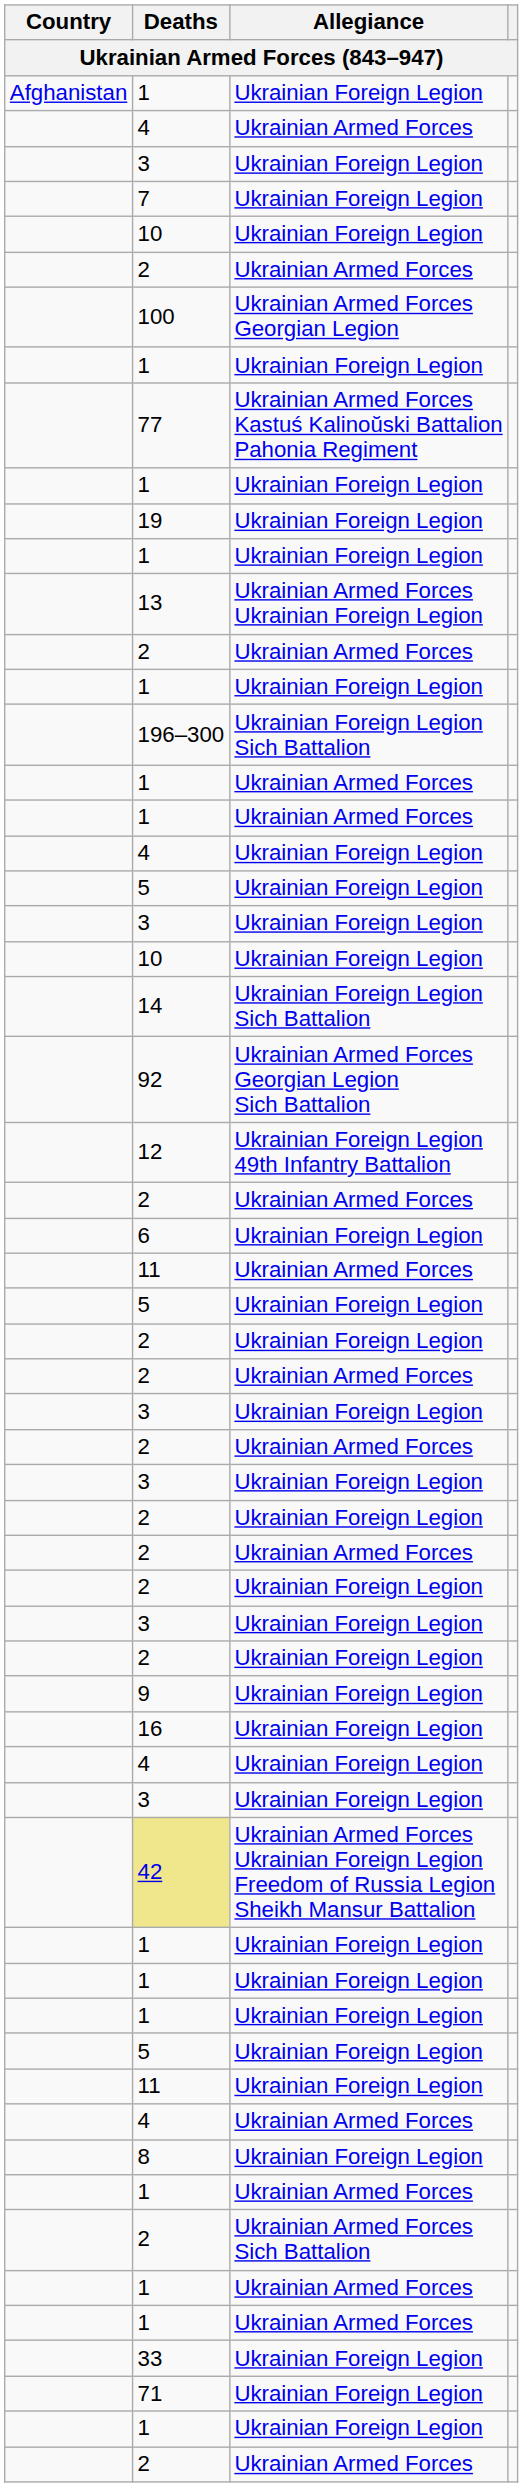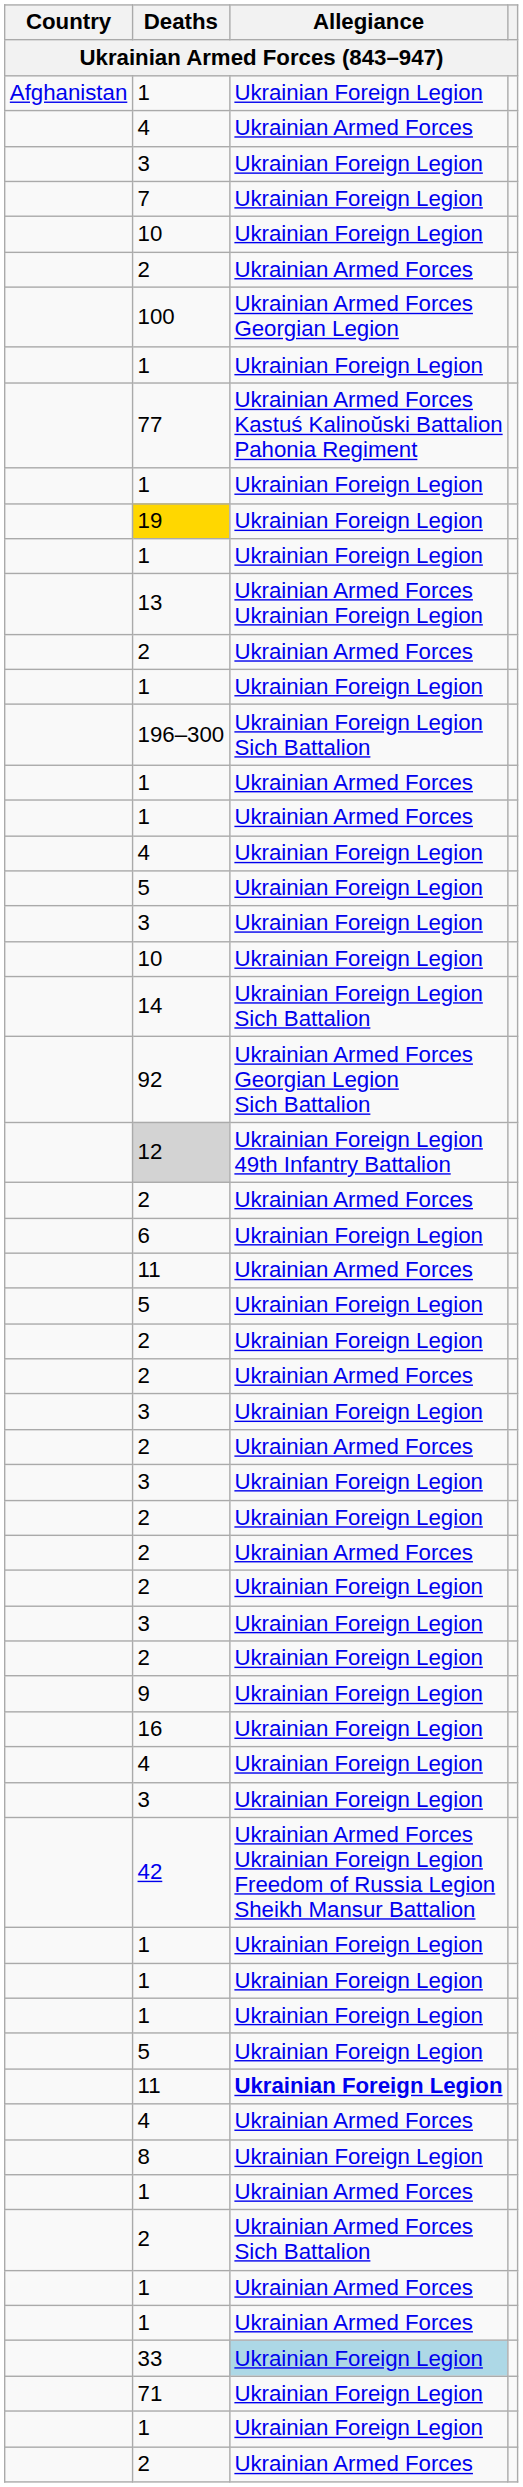 <table class="wikitable sortable" style="display:inline-table;">
 <tr>
 <th>Country</th>
 <th>Deaths</th>
 <th>Allegiance</th>
 <th class="unsortable"></th>
 </tr>
 <tr>
 <th colspan="5">Ukrainian Armed Forces (843–947)</th>
 </tr>
 <tr>
 <td> <a href='#'>Afghanistan</a></td>
 <td>1</td>
 <td><a href='#'>Ukrainian Foreign Legion</a></td>
 <td></td>
 </tr>
 <tr>
 <td></td>
 <td>4</td>
 <td><a href='#'>Ukrainian Armed Forces</a></td>
 <td></td>
 </tr>
 <tr>
 <td></td>
 <td>3</td>
 <td><a href='#'>Ukrainian Foreign Legion</a></td>
 <td></td>
 </tr>
 <tr>
 <td></td>
 <td>7</td>
 <td><a href='#'>Ukrainian Foreign Legion</a></td>
 <td></td>
 </tr>
 <tr>
 <td></td>
 <td>10</td>
 <td><a href='#'>Ukrainian Foreign Legion</a></td>
 <td></td>
 </tr>
 <tr>
 <td></td>
 <td>2</td>
 <td><a href='#'>Ukrainian Armed Forces</a></td>
 <td></td>
 </tr>
 <tr>
 <td></td>
 <td>100</td>
 <td><a href='#'>Ukrainian Armed Forces</a><br><a href='#'>Georgian Legion</a></td>
 <td></td>
 </tr>
 <tr>
 <td></td>
 <td>1</td>
 <td><a href='#'>Ukrainian Foreign Legion</a></td>
 <td></td>
 </tr>
 <tr>
 <td></td>
 <td>77</td>
 <td><a href='#'>Ukrainian Armed Forces</a><br><a href='#'>Kastuś Kalinoŭski Battalion</a><br><a href='#'>Pahonia Regiment</a></td>
 <td><br><br></td>
 </tr>
 <tr>
 <td></td>
 <td>1</td>
 <td><a href='#'>Ukrainian Foreign Legion</a></td>
 <td></td>
 </tr>
 <tr>
 <td></td>
-<td>19</td>
+<td style="background: gold;">19</td>
 <td><a href='#'>Ukrainian Foreign Legion</a></td>
 <td></td>
 </tr>
 <tr>
 <td></td>
 <td>1</td>
 <td><a href='#'>Ukrainian Foreign Legion</a></td>
 <td></td>
 </tr>
 <tr>
 <td></td>
 <td>13</td>
 <td><a href='#'>Ukrainian Armed Forces</a><br><a href='#'>Ukrainian Foreign Legion</a></td>
 <td></td>
 </tr>
 <tr>
 <td></td>
 <td>2</td>
 <td><a href='#'>Ukrainian Armed Forces</a></td>
 <td></td>
 </tr>
 <tr>
 <td></td>
 <td>1</td>
 <td><a href='#'>Ukrainian Foreign Legion</a></td>
 <td></td>
 </tr>
 <tr>
 <td></td>
 <td>196–300</td>
 <td><a href='#'>Ukrainian Foreign Legion</a><br><a href='#'>Sich Battalion</a></td>
 <td></td>
 </tr>
 <tr>
 <td></td>
 <td>1</td>
 <td><a href='#'>Ukrainian Armed Forces</a></td>
 <td></td>
 </tr>
 <tr>
 <td></td>
 <td>1</td>
 <td><a href='#'>Ukrainian Armed Forces</a></td>
 <td></td>
 </tr>
 <tr>
 <td></td>
 <td>4</td>
 <td><a href='#'>Ukrainian Foreign Legion</a></td>
 <td></td>
 </tr>
 <tr>
 <td></td>
 <td>5</td>
 <td><a href='#'>Ukrainian Foreign Legion</a></td>
 <td></td>
 </tr>
 <tr>
 <td></td>
 <td>3</td>
 <td><a href='#'>Ukrainian Foreign Legion</a></td>
 <td></td>
 </tr>
 <tr>
 <td></td>
 <td>10</td>
 <td><a href='#'>Ukrainian Foreign Legion</a></td>
 <td><br></td>
 </tr>
 <tr>
 <td></td>
 <td>14</td>
 <td><a href='#'>Ukrainian Foreign Legion</a><br><a href='#'>Sich Battalion</a></td>
 <td></td>
 </tr>
 <tr>
 <td></td>
 <td>92</td>
 <td><a href='#'>Ukrainian Armed Forces</a><br><a href='#'>Georgian Legion</a><br><a href='#'>Sich Battalion</a></td>
 <td></td>
 </tr>
 <tr>
 <td></td>
-<td>12</td>
+<td style="background: lightgrey;">12</td>
 <td><a href='#'>Ukrainian Foreign Legion</a><br><a href='#'>49th Infantry Battalion</a></td>
 <td></td>
 </tr>
 <tr>
 <td></td>
 <td>2</td>
 <td><a href='#'>Ukrainian Armed Forces</a></td>
 <td></td>
 </tr>
 <tr>
 <td></td>
 <td>6</td>
 <td><a href='#'>Ukrainian Foreign Legion</a></td>
 <td></td>
 </tr>
 <tr>
 <td></td>
 <td>11</td>
 <td><a href='#'>Ukrainian Armed Forces</a></td>
 <td></td>
 </tr>
 <tr>
 <td></td>
 <td>5</td>
 <td><a href='#'>Ukrainian Foreign Legion</a></td>
 <td></td>
 </tr>
 <tr>
 <td></td>
 <td>2</td>
 <td><a href='#'>Ukrainian Foreign Legion</a></td>
 <td></td>
 </tr>
 <tr>
 <td></td>
 <td>2</td>
 <td><a href='#'>Ukrainian Armed Forces</a></td>
 <td></td>
 </tr>
 <tr>
 <td></td>
 <td>3</td>
 <td><a href='#'>Ukrainian Foreign Legion</a></td>
 <td></td>
 </tr>
 <tr>
 <td></td>
 <td>2</td>
 <td><a href='#'>Ukrainian Armed Forces</a></td>
 <td></td>
 </tr>
 <tr>
 <td></td>
 <td>3</td>
 <td><a href='#'>Ukrainian Foreign Legion</a></td>
 <td></td>
 </tr>
 <tr>
 <td></td>
 <td>2</td>
 <td><a href='#'>Ukrainian Foreign Legion</a></td>
 <td></td>
 </tr>
 <tr>
 <td></td>
 <td>2</td>
 <td><a href='#'>Ukrainian Armed Forces</a></td>
 <td></td>
 </tr>
 <tr>
 <td></td>
 <td>2</td>
 <td><a href='#'>Ukrainian Foreign Legion</a></td>
 <td></td>
 </tr>
 <tr>
 <td></td>
 <td>3</td>
 <td><a href='#'>Ukrainian Foreign Legion</a></td>
 <td></td>
 </tr>
 <tr>
 <td></td>
 <td>2</td>
 <td><a href='#'>Ukrainian Foreign Legion</a></td>
 <td></td>
 </tr>
 <tr>
 <td></td>
 <td>9</td>
 <td><a href='#'>Ukrainian Foreign Legion</a></td>
 <td></td>
 </tr>
 <tr>
 <td></td>
 <td>16</td>
 <td><a href='#'>Ukrainian Foreign Legion</a></td>
 <td></td>
 </tr>
 <tr>
 <td></td>
 <td>4</td>
 <td><a href='#'>Ukrainian Foreign Legion</a></td>
 <td><br></td>
 </tr>
 <tr>
 <td></td>
 <td>3</td>
 <td><a href='#'>Ukrainian Foreign Legion</a></td>
 <td></td>
 </tr>
 <tr>
 <td></td>
-<td style="background: khaki;"><a href='#'>42</a></td>
+<td><a href='#'>42</a></td>
 <td><a href='#'>Ukrainian Armed Forces</a><br><a href='#'>Ukrainian Foreign Legion</a><br><a href='#'>Freedom of Russia Legion</a><br><a href='#'>Sheikh Mansur Battalion</a></td>
 <td></td>
 </tr>
 <tr>
 <td></td>
 <td>1</td>
 <td><a href='#'>Ukrainian Foreign Legion</a></td>
 <td></td>
 </tr>
 <tr>
 <td></td>
 <td>1</td>
 <td><a href='#'>Ukrainian Foreign Legion</a></td>
 <td></td>
 </tr>
 <tr>
 <td></td>
 <td>1</td>
 <td><a href='#'>Ukrainian Foreign Legion</a></td>
 <td></td>
 </tr>
 <tr>
 <td></td>
 <td>5</td>
 <td><a href='#'>Ukrainian Foreign Legion</a></td>
 <td></td>
 </tr>
 <tr>
 <td></td>
 <td>11</td>
-<td><a href='#'>Ukrainian Foreign Legion</a></td>
+<td><strong><a href='#'>Ukrainian Foreign Legion</a></strong></td>
 <td></td>
 </tr>
 <tr>
 <td></td>
 <td>4</td>
 <td><a href='#'>Ukrainian Armed Forces</a></td>
 <td></td>
 </tr>
 <tr>
 <td></td>
 <td>8</td>
 <td><a href='#'>Ukrainian Foreign Legion</a></td>
 <td></td>
 </tr>
 <tr>
 <td></td>
 <td>1</td>
 <td><a href='#'>Ukrainian Armed Forces</a></td>
 <td></td>
 </tr>
 <tr>
 <td></td>
 <td>2</td>
 <td><a href='#'>Ukrainian Armed Forces</a><br><a href='#'>Sich Battalion</a></td>
 <td></td>
 </tr>
 <tr>
 <td></td>
 <td>1</td>
 <td><a href='#'>Ukrainian Armed Forces</a></td>
 <td></td>
 </tr>
 <tr>
 <td></td>
 <td>1</td>
 <td><a href='#'>Ukrainian Armed Forces</a></td>
 <td></td>
 </tr>
 <tr>
 <td></td>
 <td>33</td>
-<td><a href='#'>Ukrainian Foreign Legion</a></td>
+<td style="background: lightblue;"><a href='#'>Ukrainian Foreign Legion</a></td>
 <td></td>
 </tr>
 <tr>
 <td></td>
 <td>71</td>
 <td><a href='#'>Ukrainian Foreign Legion</a></td>
 <td></td>
 </tr>
 <tr>
 <td></td>
 <td>1</td>
 <td><a href='#'>Ukrainian Foreign Legion</a></td>
 <td></td>
 </tr>
 <tr>
 <td></td>
 <td>2</td>
 <td><a href='#'>Ukrainian Armed Forces</a></td>
 <td></td>
 </tr>
 </table>
